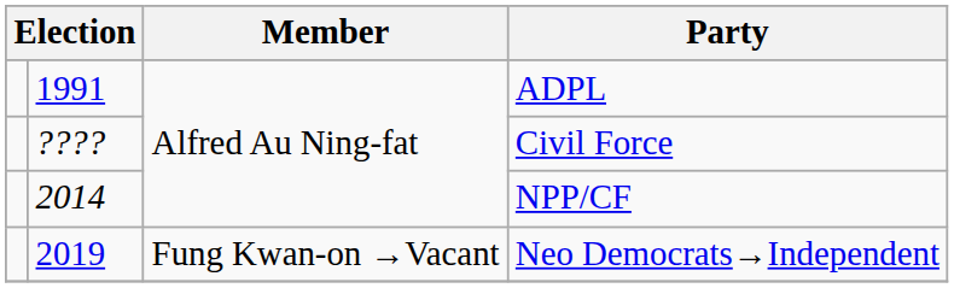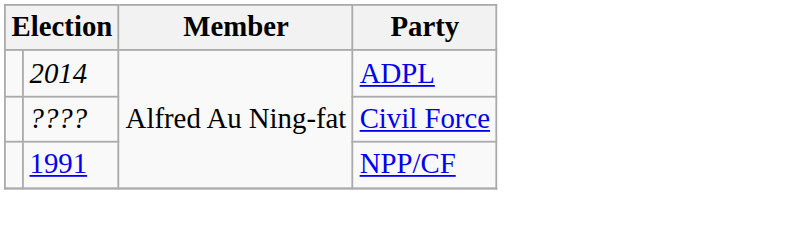 <table class="wikitable">
 <tr>
 <th colspan="2">Election</th>
 <th>Member</th>
 <th>Party</th>
 </tr>
 <tr>
 <td style="color:inherit;background:"></td>
-<td><a href='#'>1991</a></td>
+<td><em>2014</em></td>
 <td rowspan=3>Alfred Au Ning-fat</td>
 <td><a href='#'>ADPL</a></td>
 </tr>
 <tr>
 <td style="color:inherit;background:"></td>
 <td><em>????</em></td>
 <td><a href='#'>Civil Force</a></td>
 </tr>
 <tr>
 <td style="color:inherit;background:"></td>
-<td><em>2014</em></td>
+<td><a href='#'>1991</a></td>
 <td><a href='#'>NPP/CF</a></td>
-</tr>
-<tr>
-<td style="color:inherit;background:"></td>
-<td><a href='#'>2019</a></td>
-<td>Fung Kwan-on →Vacant</td>
-<td><a href='#'>Neo Democrats</a>→<a href='#'>Independent</a></td>
 </tr>
 <tr>
 </tr>
 </table>
